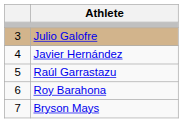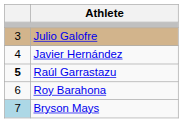 <table class="wikitable">
 <tr>
 <th width="30"></th>
 <th width="200">Athlete</th>
 </tr>
 <tr bgcolor="C0C0C0">
 <td colspan=2></td>
 </tr>
 <tr bgcolor="D2B48C">
 <td align="center">3</td>
 <td> <a href='#'>Julio Galofre</a></td>
 </tr>
 <tr>
 <td align="center">4</td>
 <td> <a href='#'>Javier Hernández</a></td>
 </tr>
 <tr>
-<td align="center">5</td>
+<td align="center"><strong>5</strong></td>
 <td> <a href='#'>Raúl Garrastazu</a></td>
 </tr>
 <tr>
 <td align="center">6</td>
 <td> <a href='#'>Roy Barahona</a></td>
 </tr>
 <tr>
-<td align="center">7</td>
+<td align="center" style="background: lightblue;">7</td>
 <td> <a href='#'>Bryson Mays</a></td>
 </tr>
 </table>
